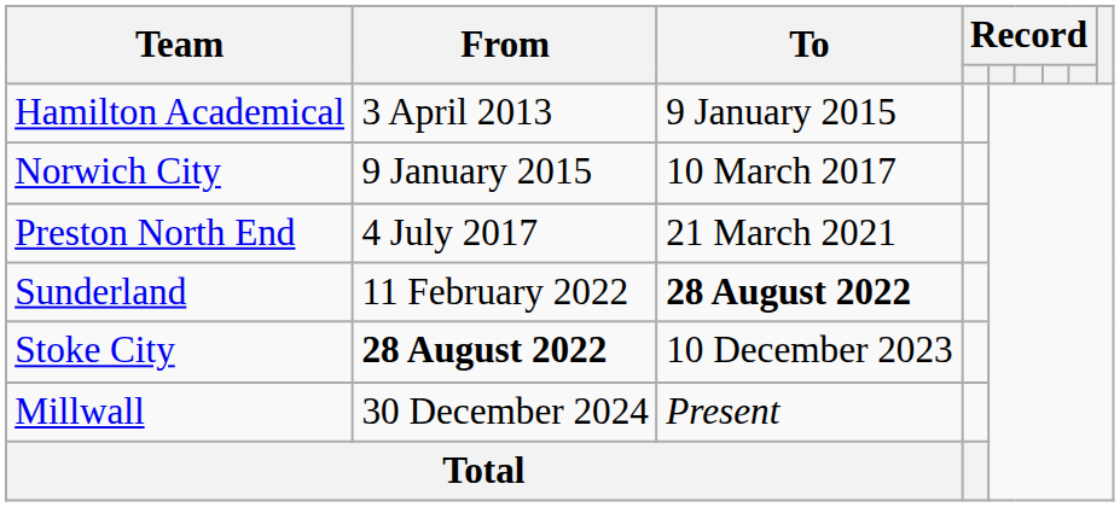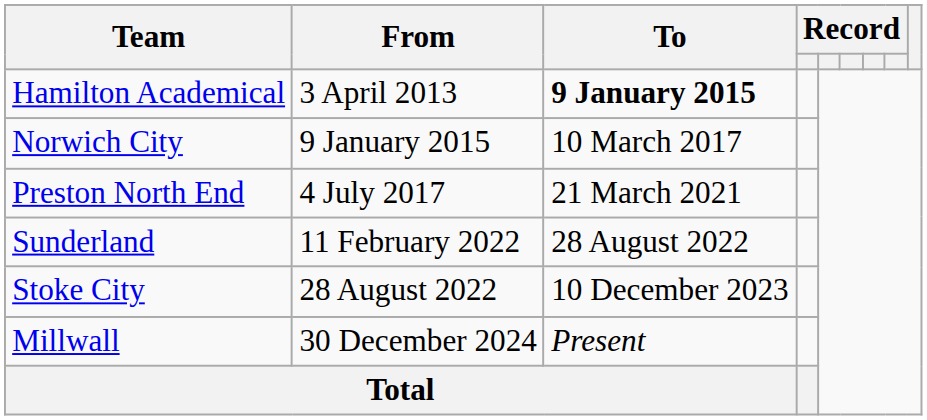 <table class=wikitable style=text-align:center>
 <tr>
 <th rowspan=2>Team</th>
 <th rowspan=2>From</th>
 <th rowspan=2>To</th>
 <th colspan=5>Record</th>
 <th rowspan=2></th>
 </tr>
 <tr>
 <th></th>
 <th></th>
 <th></th>
 <th></th>
 <th></th>
 </tr>
 <tr>
 <td align=left><a href='#'>Hamilton Academical</a></td>
 <td align=left>3 April 2013</td>
-<td align=left>9 January 2015<br></td>
+<td align=left><strong>9 January 2015<br></strong></td>
 <td></td>
 </tr>
 <tr>
 <td align=left><a href='#'>Norwich City</a></td>
 <td align=left>9 January 2015</td>
 <td align=left>10 March 2017<br></td>
 <td></td>
 </tr>
 <tr>
 <td align=left><a href='#'>Preston North End</a></td>
 <td align=left>4 July 2017</td>
 <td align=left>21 March 2021<br></td>
 <td></td>
 </tr>
 <tr>
 <td align=left><a href='#'>Sunderland</a></td>
 <td align=left>11 February 2022</td>
-<td align=left><strong>28 August 2022<br></strong></td>
+<td align=left>28 August 2022<br></td>
 <td></td>
 </tr>
 <tr>
 <td align=left><a href='#'>Stoke City</a></td>
-<td align=left><strong>28 August 2022</strong></td>
+<td align=left>28 August 2022</td>
 <td align=left>10 December 2023<br></td>
 <td></td>
 </tr>
 <tr>
 <td align=left><a href='#'>Millwall</a></td>
 <td align=left>30 December 2024</td>
 <td align=left><em>Present</em><br></td>
 <td></td>
 </tr>
 <tr>
 <th colspan=3>Total<br></th>
 <th></th>
 </tr>
 </table>
